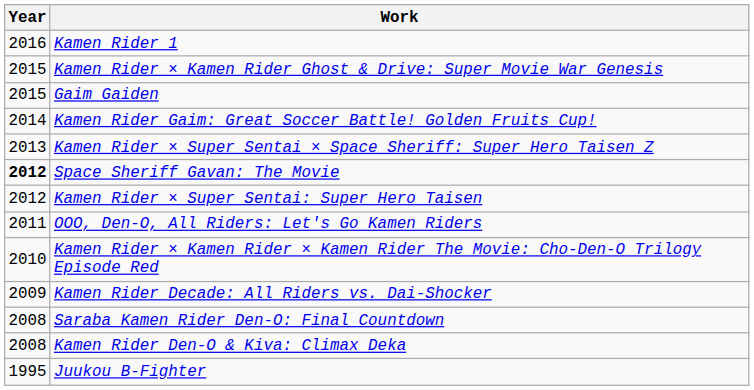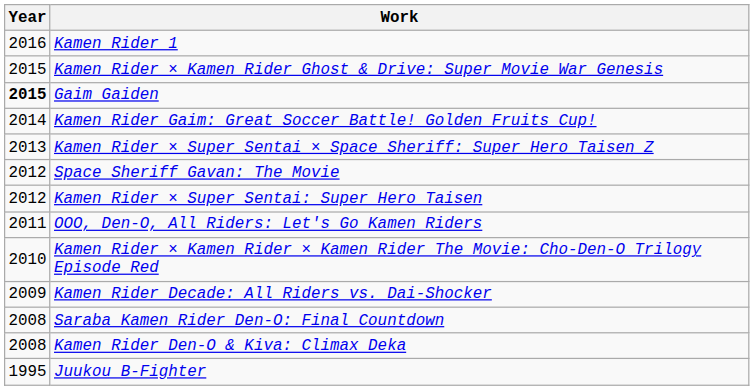 <table class="wikitable">
 <tr>
 <th>Year</th>
 <th>Work</th>
 </tr>
 <tr>
 <td>2016</td>
 <td><em><a href='#'>Kamen Rider 1</a></em></td>
 </tr>
 <tr>
 <td>2015</td>
 <td><em><a href='#'>Kamen Rider × Kamen Rider Ghost & Drive: Super Movie War Genesis</a></em></td>
 </tr>
 <tr>
-<td>2015</td>
+<td><strong>2015</strong></td>
 <td><em><a href='#'>Gaim Gaiden</a></em></td>
 </tr>
 <tr>
 <td>2014</td>
 <td><em><a href='#'>Kamen Rider Gaim: Great Soccer Battle! Golden Fruits Cup!</a></em></td>
 </tr>
 <tr>
 <td>2013</td>
 <td><em><a href='#'>Kamen Rider × Super Sentai × Space Sheriff: Super Hero Taisen Z</a></em></td>
 </tr>
 <tr>
-<td><strong>2012</strong></td>
+<td>2012</td>
 <td><em><a href='#'>Space Sheriff Gavan: The Movie</a></em></td>
 </tr>
 <tr>
 <td>2012</td>
 <td><em><a href='#'>Kamen Rider × Super Sentai: Super Hero Taisen</a></em></td>
 </tr>
 <tr>
 <td>2011</td>
 <td><em><a href='#'>OOO, Den-O, All Riders: Let's Go Kamen Riders</a></em></td>
 </tr>
 <tr>
 <td>2010</td>
 <td><em><a href='#'>Kamen Rider × Kamen Rider × Kamen Rider The Movie: Cho-Den-O Trilogy Episode Red</a></em></td>
 </tr>
 <tr>
 <td>2009</td>
 <td><em><a href='#'>Kamen Rider Decade: All Riders vs. Dai-Shocker</a></em></td>
 </tr>
 <tr>
 <td>2008</td>
 <td><em><a href='#'>Saraba Kamen Rider Den-O: Final Countdown</a></em></td>
 </tr>
 <tr>
 <td>2008</td>
 <td><em><a href='#'>Kamen Rider Den-O & Kiva: Climax Deka</a></em></td>
 </tr>
 <tr>
 <td>1995</td>
 <td><em><a href='#'>Juukou B-Fighter</a></em></td>
 </tr>
 </table>
